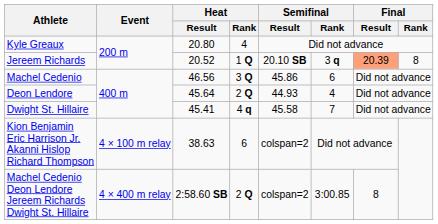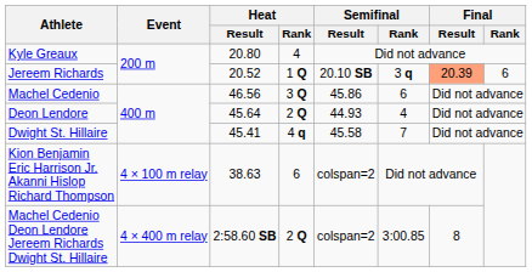 <table class="wikitable" style="font-size:90%">
 <tr>
 <th rowspan="2">Athlete</th>
 <th rowspan="2">Event</th>
 <th colspan="2">Heat</th>
 <th colspan="2">Semifinal</th>
 <th colspan="2">Final</th>
 </tr>
 <tr style="font-size:95%">
 <th>Result</th>
 <th>Rank</th>
 <th>Result</th>
 <th>Rank</th>
 <th>Result</th>
 <th>Rank</th>
 </tr>
 <tr align=center>
 <td align=left><a href='#'>Kyle Greaux</a></td>
 <td align=left rowspan=2><a href='#'>200 m</a></td>
 <td>20.80</td>
 <td>4</td>
 <td colspan=4>Did not advance</td>
 </tr>
 <tr align=center>
 <td align=left><a href='#'>Jereem Richards</a></td>
 <td>20.52</td>
 <td>1 <strong>Q</strong></td>
 <td>20.10 <strong>SB</strong></td>
 <td>3 <strong>q</strong></td>
 <td style="background: lightsalmon;">20.39</td>
-<td>8</td>
+<td>6</td>
 </tr>
 <tr align=center>
 <td align=left><a href='#'>Machel Cedenio</a></td>
 <td rowspan="3" align="left"><a href='#'>400 m</a></td>
 <td>46.56</td>
 <td>3 <strong>Q</strong></td>
 <td>45.86</td>
 <td>6</td>
 <td colspan="2">Did not advance</td>
 </tr>
 <tr align=center>
 <td align=left><a href='#'>Deon Lendore</a></td>
 <td>45.64</td>
 <td>2 <strong>Q</strong></td>
 <td>44.93</td>
 <td>4</td>
 <td colspan="2">Did not advance</td>
 </tr>
 <tr align=center>
 <td align=left><a href='#'>Dwight St. Hillaire</a></td>
 <td>45.41</td>
 <td>4 <strong>q</strong></td>
 <td>45.58</td>
 <td>7</td>
 <td colspan="2">Did not advance</td>
 </tr>
 <tr align=center>
 <td align=left><a href='#'>Kion Benjamin</a><br><a href='#'>Eric Harrison Jr.</a><br><a href='#'>Akanni Hislop</a><br><a href='#'>Richard Thompson</a></td>
 <td align=left><a href='#'>4 × 100 m relay</a></td>
 <td>38.63</td>
 <td>6</td>
 <td>colspan=2 </td>
 <td colspan=2>Did not advance</td>
 </tr>
 <tr align=center>
 <td align=left><a href='#'>Machel Cedenio</a><br><a href='#'>Deon Lendore</a><br><a href='#'>Jereem Richards</a><br><a href='#'>Dwight St. Hillaire</a></td>
 <td align=left><a href='#'>4 × 400 m relay</a></td>
 <td>2:58.60 <strong>SB</strong></td>
 <td>2 <strong>Q</strong></td>
 <td>colspan=2 </td>
 <td>3:00.85</td>
 <td>8</td>
 </tr>
 </table>
